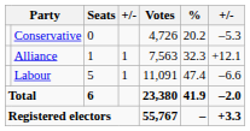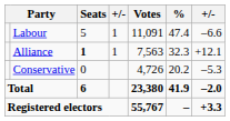 <table class="wikitable sortable">
 <tr>
 <th colspan="2">Party</th>
 <th>Seats</th>
 <th>+/-</th>
 <th>Votes</th>
 <th>%</th>
 <th>+/-</th>
 </tr>
 <tr>
 <td style="background-color: "></td>
-<td><a href='#'>Conservative</a></td>
-<td>0</td>
-<td></td>
-<td style="text-align:right;">4,726</td>
-<td style="text-align:right;">20.2</td>
-<td style="text-align:right;">–5.3</td>
+<td><a href='#'>Labour</a></td>
+<td>5</td>
+<td> 1</td>
+<td style="text-align:right;">11,091</td>
+<td style="text-align:right;">47.4</td>
+<td style="text-align:right;">–6.6</td>
 </tr>
 <tr>
 <td style="background-color: "></td>
 <td><a href='#'>Alliance</a></td>
-<td>1</td>
+<td><strong>1</strong></td>
 <td> 1</td>
 <td style="text-align:right;">7,563</td>
 <td style="text-align:right;">32.3</td>
 <td style="text-align:right;">+12.1</td>
 </tr>
 <tr>
 <td style="background-color: "></td>
-<td><a href='#'>Labour</a></td>
-<td>5</td>
-<td> 1</td>
-<td style="text-align:right;">11,091</td>
-<td style="text-align:right;">47.4</td>
-<td style="text-align:right;">–6.6</td>
+<td><a href='#'>Conservative</a></td>
+<td>0</td>
+<td></td>
+<td style="text-align:right;">4,726</td>
+<td style="text-align:right;">20.2</td>
+<td style="text-align:right;">–5.3</td>
 </tr>
 <tr>
 <td colspan="2"><strong>Total</strong></td>
 <td><strong>6</strong></td>
 <td></td>
 <td style="text-align:right;"><strong>23,380</strong></td>
 <td style="text-align:right;"><strong>41.9</strong></td>
 <td style="text-align:right;"><strong>–2.0</strong></td>
 </tr>
 <tr>
 <td colspan="4"><strong>Registered electors</strong></td>
 <td style="text-align:right;"><strong>55,767</strong></td>
 <td style="text-align:right;"><strong>–</strong></td>
 <td style="text-align:right;"><strong>+3.3</strong></td>
 </tr>
 </table>
